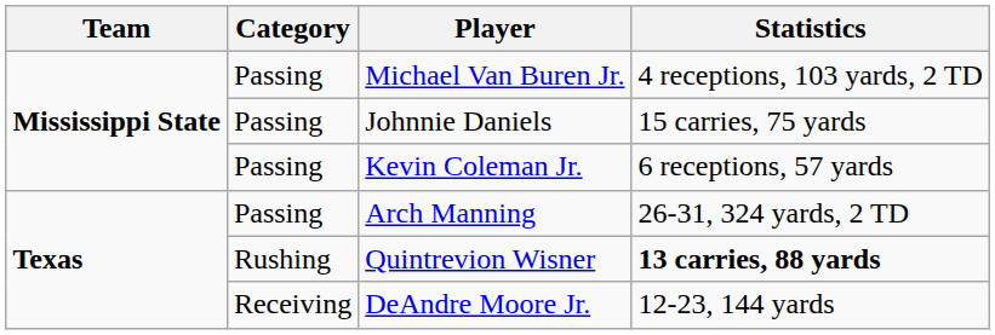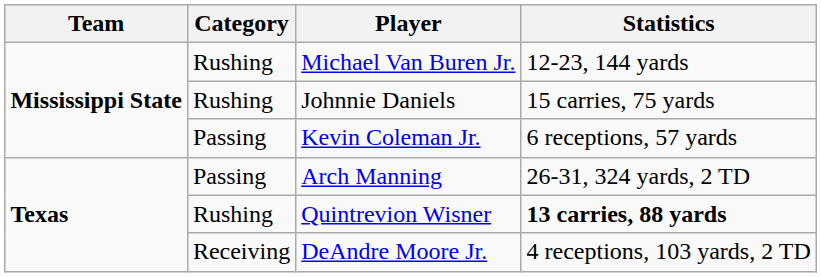 <table class="wikitable" style="float: right;">
 <tr>
 <th>Team</th>
 <th>Category</th>
 <th>Player</th>
 <th>Statistics</th>
 </tr>
 <tr>
 <td rowspan=3><strong>Mississippi State</strong></td>
-<td>Passing</td>
+<td>Rushing</td>
 <td><a href='#'>Michael Van Buren Jr.</a></td>
-<td>4 receptions, 103 yards, 2 TD</td>
+<td>12-23, 144 yards</td>
 </tr>
 <tr>
-<td>Passing</td>
+<td>Rushing</td>
 <td>Johnnie Daniels</td>
 <td>15 carries, 75 yards</td>
 </tr>
 <tr>
 <td>Passing</td>
 <td><a href='#'>Kevin Coleman Jr.</a></td>
 <td>6 receptions, 57 yards</td>
 </tr>
 <tr>
 <td rowspan=3><strong>Texas</strong></td>
 <td>Passing</td>
 <td><a href='#'>Arch Manning</a></td>
 <td>26-31, 324 yards, 2 TD</td>
 </tr>
 <tr>
 <td>Rushing</td>
 <td><a href='#'>Quintrevion Wisner</a></td>
 <td><strong>13 carries, 88 yards</strong></td>
 </tr>
 <tr>
 <td>Receiving</td>
 <td><a href='#'>DeAndre Moore Jr.</a></td>
-<td>12-23, 144 yards</td>
+<td>4 receptions, 103 yards, 2 TD</td>
 </tr>
 </table>
